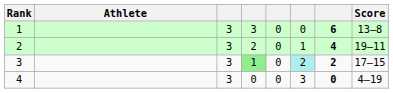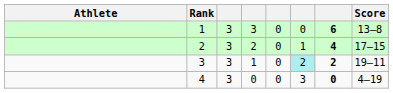 <table class="wikitable" style="text-align: center;">
 <tr>
+<th width=225>Athlete</th>
 <th width=25>Rank</th>
-<th width=225>Athlete</th>
 <th width=25></th>
 <th width=25></th>
 <th width=25></th>
 <th width=25></th>
 <th width=40></th>
 <th width=40>Score</th>
 </tr>
 <tr bgcolor=ccffcc>
+<td align=left></td>
 <td>1</td>
-<td align=left></td>
 <td>3</td>
 <td>3</td>
 <td>0</td>
 <td>0</td>
 <td><strong>6</strong></td>
 <td>13–8</td>
 </tr>
 <tr bgcolor=ccffcc>
+<td align=left></td>
 <td>2</td>
-<td align=left></td>
 <td>3</td>
 <td>2</td>
 <td>0</td>
 <td>1</td>
 <td><strong>4</strong></td>
+<td>17–15</td>
+</tr>
+<tr>
+<td align=left></td>
+<td>3</td>
+<td>3</td>
+<td>1</td>
+<td>0</td>
+<td style="background: paleturquoise;">2</td>
+<td><strong>2</strong></td>
 <td>19–11</td>
 </tr>
 <tr>
-<td>3</td>
 <td align=left></td>
-<td>3</td>
-<td style="background: lightgreen;">1</td>
-<td>0</td>
-<td style="background: paleturquoise;">2</td>
-<td><strong>2</strong></td>
-<td>17–15</td>
-</tr>
-<tr>
 <td>4</td>
-<td align=left></td>
 <td>3</td>
 <td>0</td>
 <td>0</td>
 <td>3</td>
 <td><strong>0</strong></td>
 <td>4–19</td>
 </tr>
 </table>
